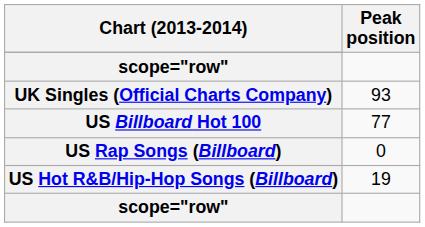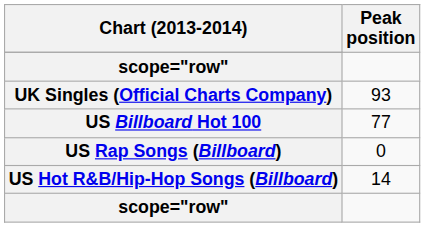 <table class="wikitable sortable plainrowheaders">
 <tr>
 <th scope="col">Chart (2013-2014)</th>
 <th scope="col">Peak<br>position</th>
 </tr>
 <tr>
 </tr>
 <tr>
 <th>scope="row"</th>
 </tr>
 <tr>
 <th scope="row">UK Singles (<a href='#'>Official Charts Company</a>)</th>
 <td style="text-align:center;">93</td>
 </tr>
 <tr>
 <th scope="row">US <a href='#'><em>Billboard</em> Hot 100</a></th>
 <td style="text-align:center;">77</td>
 </tr>
 <tr>
 <th scope="row">US <a href='#'>Rap Songs</a> (<em><a href='#'>Billboard</a></em>)</th>
 <td style="text-align:center;">0</td>
 </tr>
 <tr>
 <th scope="row">US <a href='#'>Hot R&B/Hip-Hop Songs</a> (<em><a href='#'>Billboard</a></em>)</th>
-<td style="text-align:center;">19</td>
+<td style="text-align:center;">14</td>
 </tr>
 <tr>
 <th>scope="row" </th>
 </tr>
 </table>
